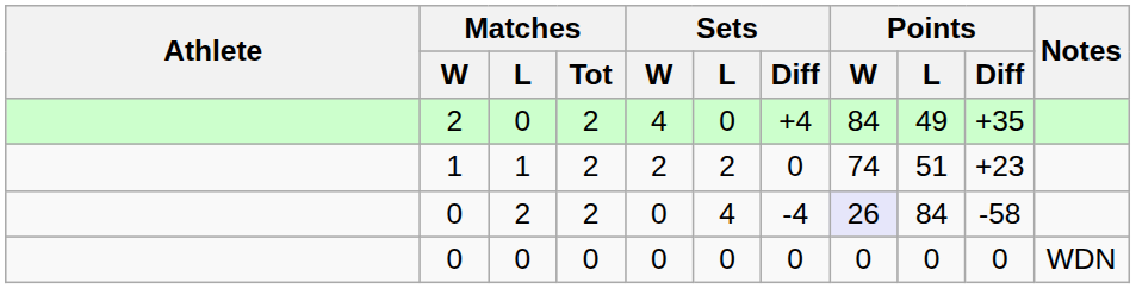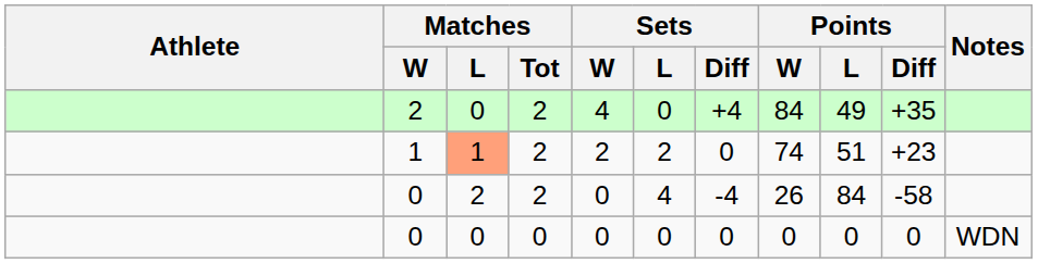 <table class=wikitable style="text-align:center">
 <tr>
 <th rowspan=2 width=220>Athlete</th>
 <th colspan=3 width=90>Matches</th>
 <th colspan=3 width=90>Sets</th>
 <th colspan=3 width=90>Points</th>
 <th rowspan=2>Notes</th>
 </tr>
 <tr>
 <th width=30>W</th>
 <th width=30>L</th>
 <th width=30>Tot</th>
 <th width=30>W</th>
 <th width=30>L</th>
 <th width=30>Diff</th>
 <th width=30>W</th>
 <th width=30>L</th>
 <th width=30>Diff</th>
 </tr>
 <tr bgcolor=ccffcc>
 <td style="text-align:left"></td>
 <td>2</td>
 <td>0</td>
 <td>2</td>
 <td>4</td>
 <td>0</td>
 <td>+4</td>
 <td>84</td>
 <td>49</td>
 <td>+35</td>
 <td></td>
 </tr>
 <tr>
 <td style="text-align:left"></td>
 <td>1</td>
-<td>1</td>
+<td style="background: lightsalmon;">1</td>
 <td>2</td>
 <td>2</td>
 <td>2</td>
 <td>0</td>
 <td>74</td>
 <td>51</td>
 <td>+23</td>
 <td></td>
 </tr>
 <tr>
 <td style="text-align:left"></td>
 <td>0</td>
 <td>2</td>
 <td>2</td>
 <td>0</td>
 <td>4</td>
 <td>-4</td>
-<td style="background: lavender;">26</td>
+<td>26</td>
 <td>84</td>
 <td>-58</td>
 <td></td>
 </tr>
 <tr>
 <td style="text-align:left"></td>
 <td>0</td>
 <td>0</td>
 <td>0</td>
 <td>0</td>
 <td>0</td>
 <td>0</td>
 <td>0</td>
 <td>0</td>
 <td>0</td>
 <td>WDN</td>
 </tr>
 </table>
